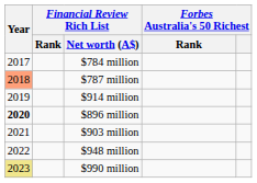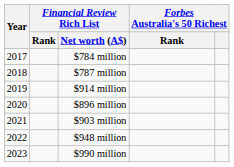 <table class="wikitable">
 <tr>
 <th rowspan=2>Year</th>
 <th colspan=2><em><a href='#'>Financial Review</a></em><br><a href='#'>Rich List</a></th>
 <th colspan=2><em><a href='#'>Forbes</a></em><br><a href='#'>Australia's 50 Richest</a></th>
 </tr>
 <tr>
 <th>Rank</th>
 <th><a href='#'>Net worth</a> (<a href='#'>A$</a>)</th>
 <th>Rank</th>
 <th></th>
 </tr>
 <tr>
 <td>2017</td>
 <td align="center"></td>
 <td align="right">$784 million</td>
 <td align="center"></td>
 <td align="right"></td>
 </tr>
 <tr>
-<td style="background: lightsalmon;">2018</td>
+<td>2018</td>
 <td align="center"></td>
 <td align="right">$787 million </td>
 <td align="center"></td>
 <td align="right"></td>
 </tr>
 <tr>
 <td>2019</td>
 <td align="center"></td>
 <td align="right">$914 million </td>
 <td align="center"></td>
 <td align="right"></td>
 </tr>
 <tr>
-<td><strong>2020</strong></td>
+<td>2020</td>
 <td align="center"></td>
 <td align="right">$896 million </td>
 <td align="center"></td>
 <td align="right"></td>
 </tr>
 <tr>
 <td>2021</td>
 <td align="center"></td>
 <td align="right">$903 million </td>
 <td align="center"></td>
 <td align="right"></td>
 </tr>
 <tr>
 <td>2022</td>
 <td align="center"></td>
 <td align="right">$948 million </td>
 <td align="center"></td>
 <td align="right"></td>
 </tr>
 <tr>
-<td style="background: khaki;">2023</td>
+<td>2023</td>
 <td align="center"></td>
 <td align="right">$990 million </td>
 <td align="center"></td>
 <td align="right"></td>
 </tr>
 </table>
